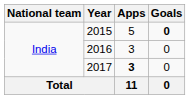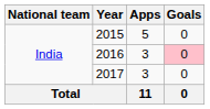 <table class="wikitable" style="text-align:center">
 <tr>
 <th>National team</th>
 <th>Year</th>
 <th>Apps</th>
 <th>Goals</th>
 </tr>
 <tr>
 <td rowspan="3"><a href='#'>India</a></td>
 <td>2015</td>
 <td>5</td>
-<td><strong>0</strong></td>
+<td>0</td>
 </tr>
 <tr>
 <td>2016</td>
 <td>3</td>
-<td>0</td>
+<td style="background: pink;">0</td>
 </tr>
 <tr>
 <td>2017</td>
-<td><strong>3</strong></td>
+<td>3</td>
 <td>0</td>
 </tr>
 <tr>
 <th colspan="2">Total</th>
 <th>11</th>
 <th>0</th>
 </tr>
 </table>
